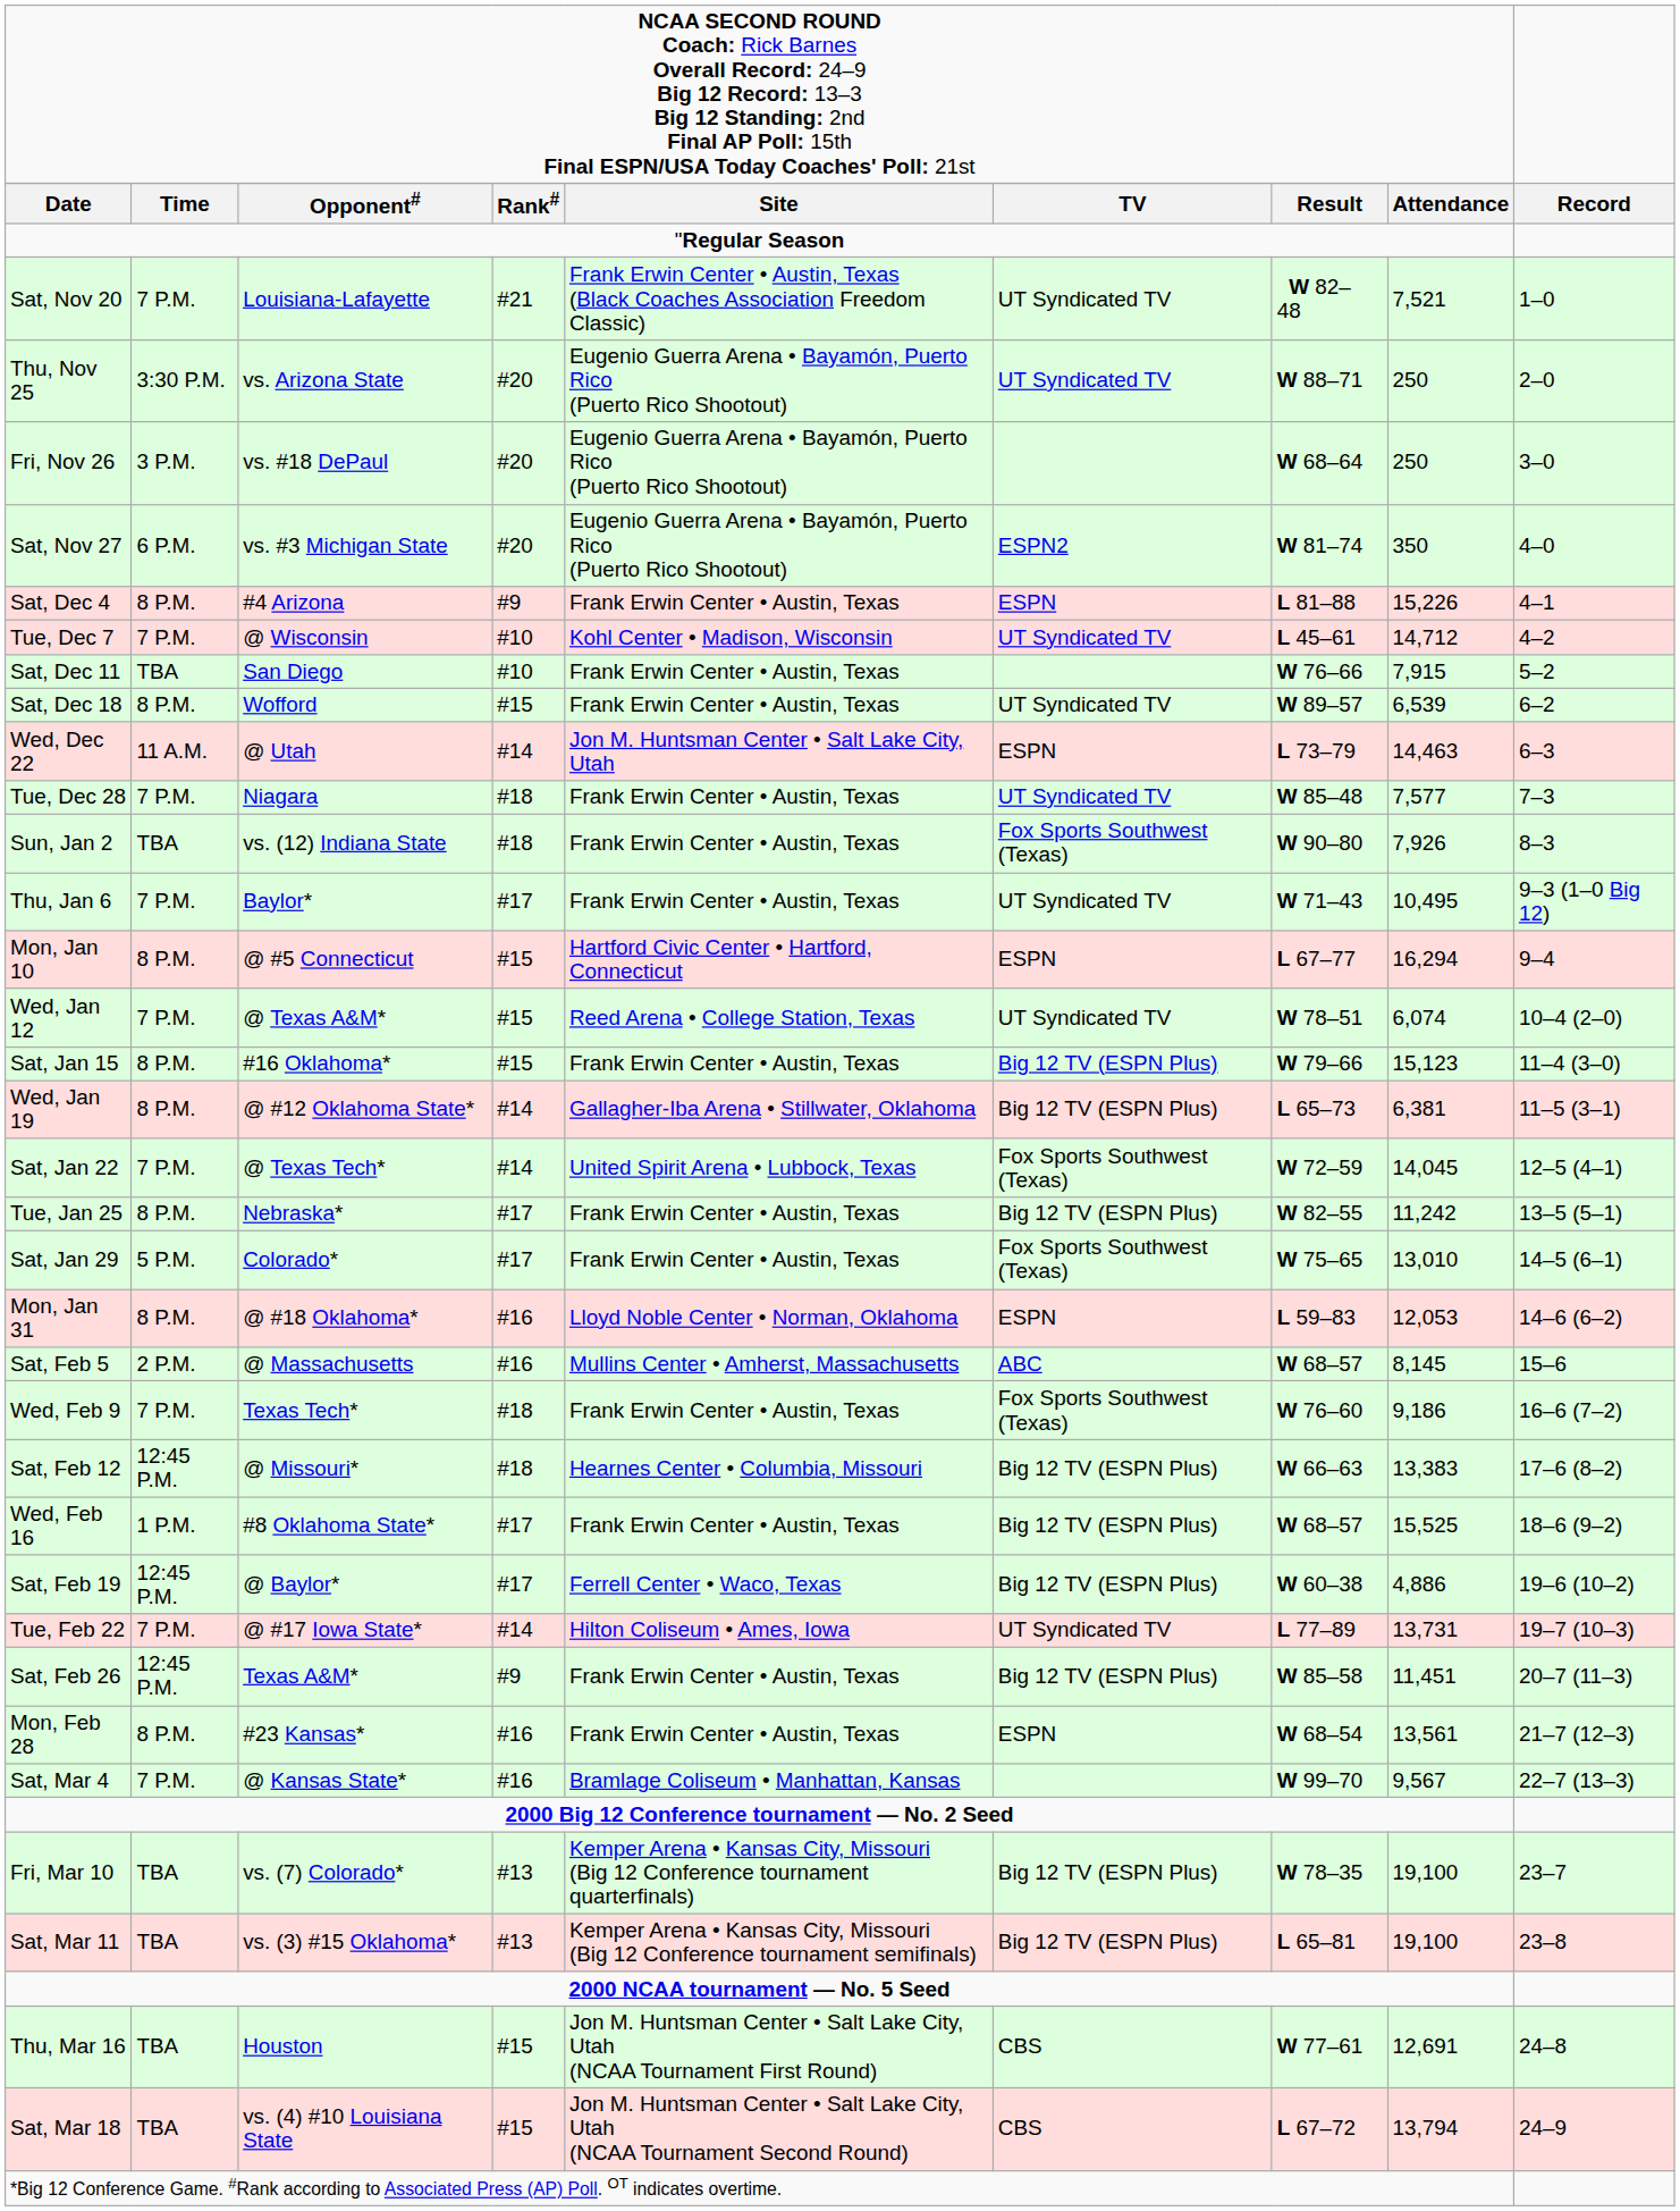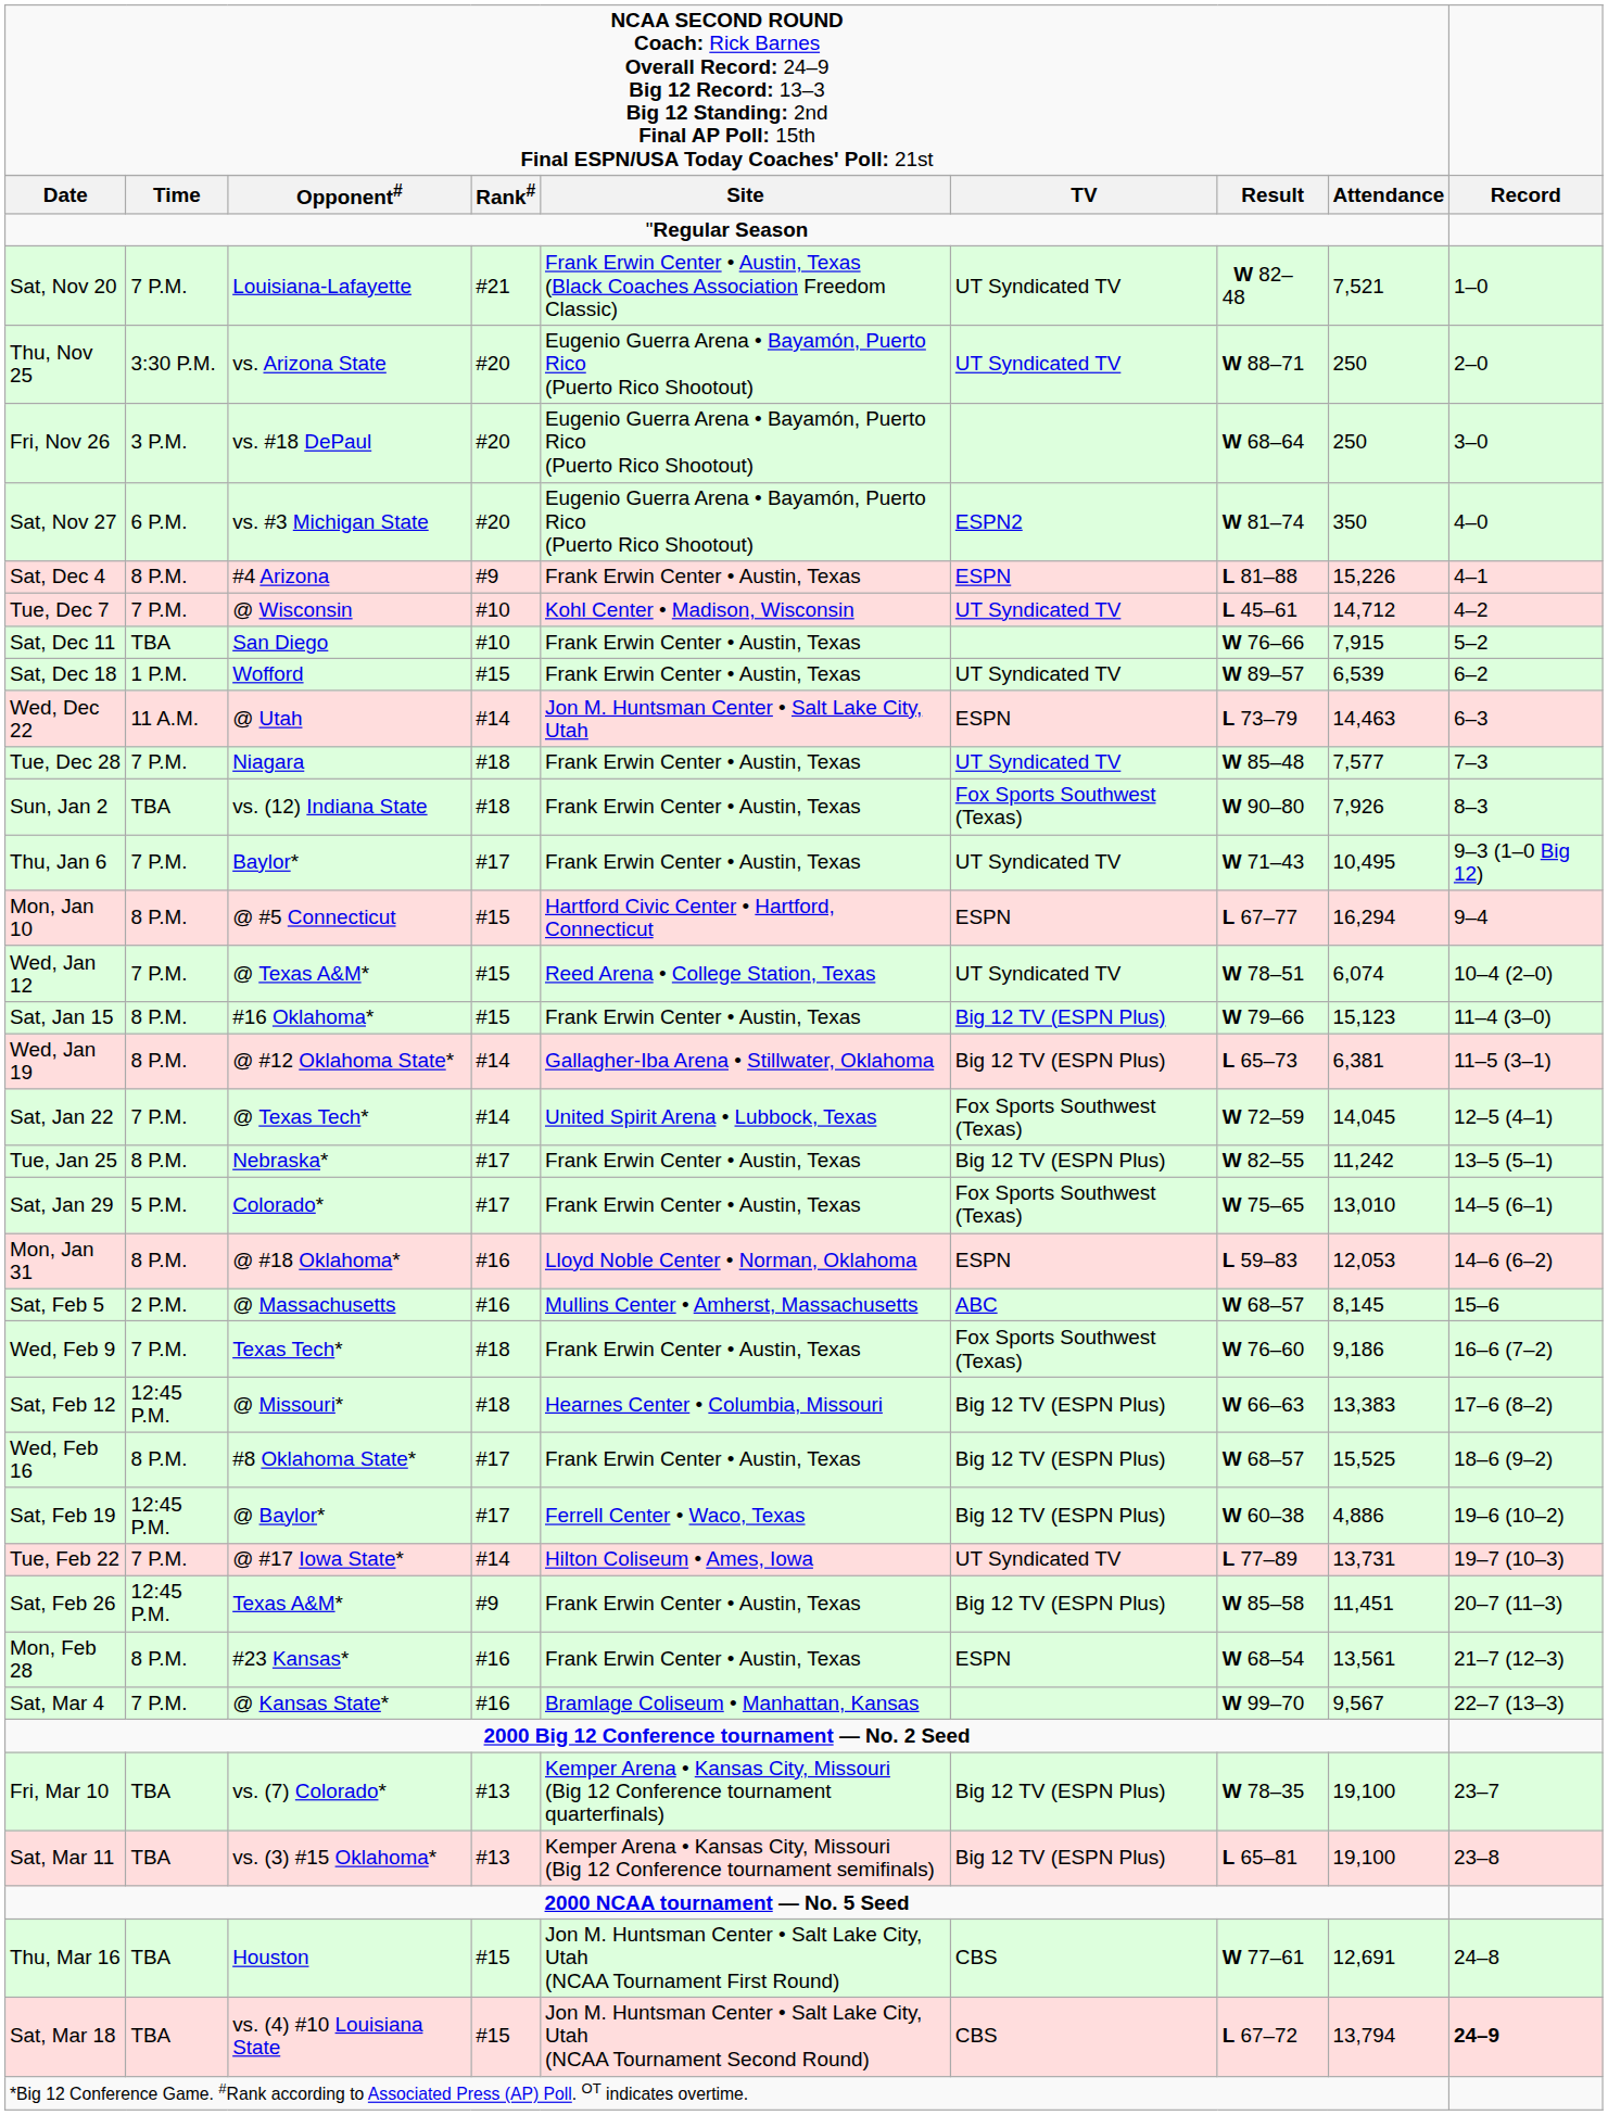 <table class="wikitable">
 <tr>
 <td colspan=8 style="text-align: center;"><strong>NCAA SECOND ROUND</strong><br><strong>Coach:</strong> <a href='#'>Rick Barnes</a><br><strong>Overall Record:</strong> 24–9<br><strong>Big 12 Record:</strong> 13–3<br><strong>Big 12 Standing:</strong> 2nd <br> <strong>Final AP Poll:</strong> 15th <br> <strong>Final ESPN/USA Today Coaches' Poll:</strong> 21st</td>
 </tr>
 <tr>
 </tr>
 <tr>
 <th>Date</th>
 <th>Time</th>
 <th>Opponent<sup>#</sup></th>
 <th>Rank<sup>#</sup></th>
 <th>Site</th>
 <th>TV</th>
 <th>Result</th>
 <th>Attendance</th>
 <th>Record</th>
 </tr>
 <tr>
 <td colspan=8 style="text-align: center;">"<strong>Regular Season</strong></td>
 </tr>
 <tr style="background: #ddffdd;">
 <td>Sat, Nov 20</td>
 <td>7 P.M.</td>
 <td><a href='#'>Louisiana-Lafayette</a></td>
 <td>#21</td>
 <td><a href='#'>Frank Erwin Center</a> • <a href='#'>Austin, Texas</a><br>(<a href='#'>Black Coaches Association</a> Freedom Classic)</td>
 <td>UT Syndicated TV</td>
 <td>  <strong>W</strong> 82–48  </td>
 <td>7,521</td>
 <td>1–0</td>
 </tr>
 <tr style="background: #ddffdd;">
 <td>Thu, Nov 25</td>
 <td>3:30 P.M.</td>
 <td>vs. <a href='#'>Arizona State</a></td>
 <td>#20</td>
 <td>Eugenio Guerra Arena • <a href='#'>Bayamón, Puerto Rico</a><br>(Puerto Rico Shootout)</td>
 <td><a href='#'>UT Syndicated TV</a></td>
 <td><strong>W</strong> 88–71</td>
 <td>250</td>
 <td>2–0</td>
 </tr>
 <tr style="background: #ddffdd;">
 <td>Fri, Nov 26</td>
 <td>3 P.M.</td>
 <td>vs. #18 <a href='#'>DePaul</a></td>
 <td>#20</td>
 <td>Eugenio Guerra Arena • Bayamón, Puerto Rico<br>(Puerto Rico Shootout)</td>
 <td></td>
 <td><strong>W</strong> 68–64</td>
 <td>250</td>
 <td>3–0</td>
 </tr>
 <tr style="background: #ddffdd;">
 <td>Sat, Nov 27</td>
 <td>6 P.M.</td>
 <td>vs. #3 <a href='#'>Michigan State</a></td>
 <td>#20</td>
 <td>Eugenio Guerra Arena • Bayamón, Puerto Rico<br>(Puerto Rico Shootout)</td>
 <td><a href='#'>ESPN2</a></td>
 <td><strong>W</strong> 81–74</td>
 <td>350</td>
 <td>4–0</td>
 </tr>
 <tr style="background: #ffdddd;">
 <td>Sat, Dec 4</td>
 <td>8 P.M.</td>
 <td>#4 <a href='#'>Arizona</a></td>
 <td>#9</td>
 <td>Frank Erwin Center • Austin, Texas</td>
 <td><a href='#'>ESPN</a></td>
 <td><strong>L</strong> 81–88</td>
 <td>15,226</td>
 <td>4–1</td>
 </tr>
 <tr style="background: #ffdddd;">
 <td>Tue, Dec 7</td>
 <td>7 P.M.</td>
 <td>@ <a href='#'>Wisconsin</a></td>
 <td>#10</td>
 <td><a href='#'>Kohl Center</a> • <a href='#'>Madison, Wisconsin</a></td>
 <td><a href='#'>UT Syndicated TV</a></td>
 <td><strong>L</strong> 45–61</td>
 <td>14,712</td>
 <td>4–2</td>
 </tr>
 <tr style="background: #ddffdd;">
 <td>Sat, Dec 11</td>
 <td>TBA</td>
 <td><a href='#'>San Diego</a></td>
 <td>#10</td>
 <td>Frank Erwin Center • Austin, Texas</td>
 <td></td>
 <td><strong>W</strong> 76–66</td>
 <td>7,915</td>
 <td>5–2</td>
 </tr>
 <tr style="background: #ddffdd;">
 <td>Sat, Dec 18</td>
-<td>8 P.M.</td>
+<td>1 P.M.</td>
 <td><a href='#'>Wofford</a></td>
 <td>#15</td>
 <td>Frank Erwin Center • Austin, Texas</td>
 <td>UT Syndicated TV</td>
 <td><strong>W</strong> 89–57</td>
 <td>6,539</td>
 <td>6–2</td>
 </tr>
 <tr style="background: #ffdddd;">
 <td>Wed, Dec 22</td>
 <td>11 A.M.</td>
 <td>@ <a href='#'>Utah</a></td>
 <td>#14</td>
 <td><a href='#'>Jon M. Huntsman Center</a> • <a href='#'>Salt Lake City, Utah</a></td>
 <td>ESPN</td>
 <td><strong>L</strong> 73–79</td>
 <td>14,463</td>
 <td>6–3</td>
 </tr>
 <tr style="background: #ddffdd;">
 <td>Tue, Dec 28</td>
 <td>7 P.M.</td>
 <td><a href='#'>Niagara</a></td>
 <td>#18</td>
 <td>Frank Erwin Center • Austin, Texas</td>
 <td><a href='#'>UT Syndicated TV</a></td>
 <td><strong>W</strong> 85–48</td>
 <td>7,577</td>
 <td>7–3</td>
 </tr>
 <tr style="background: #ddffdd;">
 <td>Sun, Jan 2</td>
 <td>TBA</td>
 <td>vs. (12) <a href='#'>Indiana State</a></td>
 <td>#18</td>
 <td>Frank Erwin Center • Austin, Texas</td>
 <td><a href='#'>Fox Sports Southwest</a> (Texas)</td>
 <td><strong>W</strong> 90–80</td>
 <td>7,926</td>
 <td>8–3</td>
 </tr>
 <tr style="background: #ddffdd;">
 <td>Thu, Jan 6</td>
 <td>7 P.M.</td>
 <td><a href='#'>Baylor</a>*</td>
 <td>#17</td>
 <td>Frank Erwin Center • Austin, Texas</td>
 <td>UT Syndicated TV</td>
 <td><strong>W</strong> 71–43</td>
 <td>10,495</td>
 <td>9–3 (1–0 <a href='#'>Big 12</a>)</td>
 </tr>
 <tr style="background: #ffdddd;">
 <td>Mon, Jan 10</td>
 <td>8 P.M.</td>
 <td>@ #5 <a href='#'>Connecticut</a></td>
 <td>#15</td>
 <td><a href='#'>Hartford Civic Center</a> • <a href='#'>Hartford, Connecticut</a></td>
 <td>ESPN</td>
 <td><strong>L</strong> 67–77</td>
 <td>16,294</td>
 <td>9–4</td>
 </tr>
 <tr style="background: #ddffdd;">
 <td>Wed, Jan 12</td>
 <td>7 P.M.</td>
 <td>@ <a href='#'>Texas A&M</a>*</td>
 <td>#15</td>
 <td><a href='#'>Reed Arena</a> • <a href='#'>College Station, Texas</a></td>
 <td>UT Syndicated TV</td>
 <td><strong>W</strong> 78–51</td>
 <td>6,074</td>
 <td>10–4 (2–0)</td>
 </tr>
 <tr style="background: #ddffdd;">
 <td>Sat, Jan 15</td>
 <td>8 P.M.</td>
 <td>#16 <a href='#'>Oklahoma</a>*</td>
 <td>#15</td>
 <td>Frank Erwin Center • Austin, Texas</td>
 <td><a href='#'>Big 12 TV (ESPN Plus)</a></td>
 <td><strong>W</strong> 79–66</td>
 <td>15,123</td>
 <td>11–4 (3–0)</td>
 </tr>
 <tr style="background: #ffdddd;">
 <td>Wed, Jan 19</td>
 <td>8 P.M.</td>
 <td>@ #12 <a href='#'>Oklahoma State</a>*</td>
 <td>#14</td>
 <td><a href='#'>Gallagher-Iba Arena</a> • <a href='#'>Stillwater, Oklahoma</a></td>
 <td>Big 12 TV (ESPN Plus)</td>
 <td><strong>L</strong> 65–73</td>
 <td>6,381</td>
 <td>11–5 (3–1)</td>
 </tr>
 <tr style="background: #ddffdd;">
 <td>Sat, Jan 22</td>
 <td>7 P.M.</td>
 <td>@ <a href='#'>Texas Tech</a>*</td>
 <td>#14</td>
 <td><a href='#'>United Spirit Arena</a> • <a href='#'>Lubbock, Texas</a></td>
 <td>Fox Sports Southwest (Texas)</td>
 <td><strong>W</strong> 72–59</td>
 <td>14,045</td>
 <td>12–5 (4–1)</td>
 </tr>
 <tr style="background: #ddffdd;">
 <td>Tue, Jan 25</td>
 <td>8 P.M.</td>
 <td><a href='#'>Nebraska</a>*</td>
 <td>#17</td>
 <td>Frank Erwin Center • Austin, Texas</td>
 <td>Big 12 TV (ESPN Plus)</td>
 <td><strong>W</strong> 82–55</td>
 <td>11,242</td>
 <td>13–5 (5–1)</td>
 </tr>
 <tr style="background: #ddffdd;">
 <td>Sat, Jan 29</td>
 <td>5 P.M.</td>
 <td><a href='#'>Colorado</a>*</td>
 <td>#17</td>
 <td>Frank Erwin Center • Austin, Texas</td>
 <td>Fox Sports Southwest (Texas)</td>
 <td><strong>W</strong> 75–65</td>
 <td>13,010</td>
 <td>14–5 (6–1)</td>
 </tr>
 <tr style="background: #ffdddd;">
 <td>Mon, Jan 31</td>
 <td>8 P.M.</td>
 <td>@ #18 <a href='#'>Oklahoma</a>*</td>
 <td>#16</td>
 <td><a href='#'>Lloyd Noble Center</a> • <a href='#'>Norman, Oklahoma</a></td>
 <td>ESPN</td>
 <td><strong>L</strong> 59–83</td>
 <td>12,053</td>
 <td>14–6 (6–2)</td>
 </tr>
 <tr style="background: #ddffdd;">
 <td>Sat, Feb 5</td>
 <td>2 P.M.</td>
 <td>@ <a href='#'>Massachusetts</a></td>
 <td>#16</td>
 <td><a href='#'>Mullins Center</a> • <a href='#'>Amherst, Massachusetts</a></td>
 <td><a href='#'>ABC</a></td>
 <td><strong>W</strong> 68–57</td>
 <td>8,145</td>
 <td>15–6</td>
 </tr>
 <tr style="background: #ddffdd;">
 <td>Wed, Feb 9</td>
 <td>7 P.M.</td>
 <td><a href='#'>Texas Tech</a>*</td>
 <td>#18</td>
 <td>Frank Erwin Center • Austin, Texas</td>
 <td>Fox Sports Southwest (Texas)</td>
 <td><strong>W</strong> 76–60</td>
 <td>9,186</td>
 <td>16–6 (7–2)</td>
 </tr>
 <tr style="background: #ddffdd;">
 <td>Sat, Feb 12</td>
 <td>12:45 P.M.</td>
 <td>@ <a href='#'>Missouri</a>*</td>
 <td>#18</td>
 <td><a href='#'>Hearnes Center</a> • <a href='#'>Columbia, Missouri</a></td>
 <td>Big 12 TV (ESPN Plus)</td>
 <td><strong>W</strong> 66–63</td>
 <td>13,383</td>
 <td>17–6 (8–2)</td>
 </tr>
 <tr style="background: #ddffdd;">
 <td>Wed, Feb 16</td>
-<td>1 P.M.</td>
+<td>8 P.M.</td>
 <td>#8 <a href='#'>Oklahoma State</a>*</td>
 <td>#17</td>
 <td>Frank Erwin Center • Austin, Texas</td>
 <td>Big 12 TV (ESPN Plus)</td>
 <td><strong>W</strong> 68–57</td>
 <td>15,525</td>
 <td>18–6 (9–2)</td>
 </tr>
 <tr style="background: #ddffdd;">
 <td>Sat, Feb 19</td>
 <td>12:45 P.M.</td>
 <td>@ <a href='#'>Baylor</a>*</td>
 <td>#17</td>
 <td><a href='#'>Ferrell Center</a> • <a href='#'>Waco, Texas</a></td>
 <td>Big 12 TV (ESPN Plus)</td>
 <td><strong>W</strong> 60–38</td>
 <td>4,886</td>
 <td>19–6 (10–2)</td>
 </tr>
 <tr style="background: #ffdddd;">
 <td>Tue, Feb 22</td>
 <td>7 P.M.</td>
 <td>@ #17 <a href='#'>Iowa State</a>*</td>
 <td>#14</td>
 <td><a href='#'>Hilton Coliseum</a> • <a href='#'>Ames, Iowa</a></td>
 <td>UT Syndicated TV</td>
 <td><strong>L</strong> 77–89</td>
 <td>13,731</td>
 <td>19–7 (10–3)</td>
 </tr>
 <tr style="background: #ddffdd;">
 <td>Sat, Feb 26</td>
 <td>12:45 P.M.</td>
 <td><a href='#'>Texas A&M</a>*</td>
 <td>#9</td>
 <td>Frank Erwin Center • Austin, Texas</td>
 <td>Big 12 TV (ESPN Plus)</td>
 <td><strong>W</strong> 85–58</td>
 <td>11,451</td>
 <td>20–7 (11–3)</td>
 </tr>
 <tr style="background: #ddffdd;">
 <td>Mon, Feb 28</td>
 <td>8 P.M.</td>
 <td>#23 <a href='#'>Kansas</a>*</td>
 <td>#16</td>
 <td>Frank Erwin Center • Austin, Texas</td>
 <td>ESPN</td>
 <td><strong>W</strong> 68–54</td>
 <td>13,561</td>
 <td>21–7 (12–3)</td>
 </tr>
 <tr style="background: #ddffdd;">
 <td>Sat, Mar 4</td>
 <td>7 P.M.</td>
 <td>@ <a href='#'>Kansas State</a>*</td>
 <td>#16</td>
 <td><a href='#'>Bramlage Coliseum</a> • <a href='#'>Manhattan, Kansas</a></td>
 <td></td>
 <td><strong>W</strong> 99–70</td>
 <td>9,567</td>
 <td>22–7 (13–3)</td>
 </tr>
 <tr>
 <td colspan=8 style="text-align: center;"><strong><a href='#'>2000 Big 12 Conference tournament</a> — No. 2 Seed</strong></td>
 </tr>
 <tr style="background: #ddffdd;">
 <td>Fri, Mar 10</td>
 <td>TBA</td>
 <td>vs. (7) <a href='#'>Colorado</a>*</td>
 <td>#13</td>
 <td><a href='#'>Kemper Arena</a> • <a href='#'>Kansas City, Missouri</a><br>(Big 12 Conference tournament quarterfinals)</td>
 <td>Big 12 TV (ESPN Plus)</td>
 <td><strong>W</strong> 78–35</td>
 <td>19,100</td>
 <td>23–7</td>
 </tr>
 <tr style="background: #ffdddd;">
 <td>Sat, Mar 11</td>
 <td>TBA</td>
 <td>vs. (3) #15 <a href='#'>Oklahoma</a>*</td>
 <td>#13</td>
 <td>Kemper Arena • Kansas City, Missouri<br>(Big 12 Conference tournament semifinals)</td>
 <td>Big 12 TV (ESPN Plus)</td>
 <td><strong>L</strong> 65–81</td>
 <td>19,100</td>
 <td>23–8</td>
 </tr>
 <tr>
 <td colspan=8 style="text-align: center;"><strong><a href='#'>2000 NCAA tournament</a> — No. 5 Seed</strong></td>
 </tr>
 <tr style="background: #ddffdd;">
 <td>Thu, Mar 16</td>
 <td>TBA</td>
 <td><a href='#'>Houston</a></td>
 <td>#15</td>
 <td>Jon M. Huntsman Center • Salt Lake City, Utah<br>(NCAA Tournament First Round)</td>
 <td>CBS</td>
 <td><strong>W</strong> 77–61</td>
 <td>12,691</td>
 <td>24–8</td>
 </tr>
 <tr style="background: #ffdddd;">
 <td>Sat, Mar 18</td>
 <td>TBA</td>
 <td>vs. (4) #10 <a href='#'>Louisiana State</a></td>
 <td>#15</td>
 <td>Jon M. Huntsman Center • Salt Lake City, Utah<br>(NCAA Tournament Second Round)</td>
 <td>CBS</td>
 <td><strong>L</strong> 67–72</td>
 <td>13,794</td>
-<td>24–9</td>
+<td><strong>24–9</strong></td>
 </tr>
 <tr>
 <td colspan=8><small>*Big 12 Conference Game. <sup>#</sup>Rank according to <a href='#'>Associated Press (AP) Poll</a>. <sup>OT</sup> indicates overtime.</small></td>
 </tr>
 </table>
